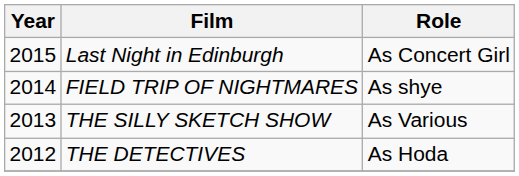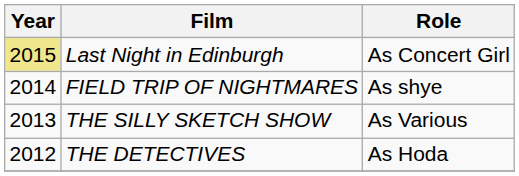 <table class="wikitable sortable">
 <tr>
 <th>Year</th>
 <th>Film</th>
 <th>Role</th>
 </tr>
 <tr>
-<td>2015</td>
+<td style="background: khaki;">2015</td>
 <td><em>Last Night in Edinburgh</em></td>
 <td>As Concert Girl</td>
 </tr>
 <tr>
 <td>2014</td>
 <td><em>FIELD TRIP OF NIGHTMARES</em></td>
 <td>As shye</td>
 </tr>
 <tr>
 <td>2013</td>
 <td><em>THE SILLY SKETCH SHOW</em></td>
 <td>As Various</td>
 </tr>
 <tr>
 <td>2012</td>
 <td><em>THE DETECTIVES</em></td>
 <td>As Hoda</td>
 </tr>
 <tr>
 </tr>
 </table>
